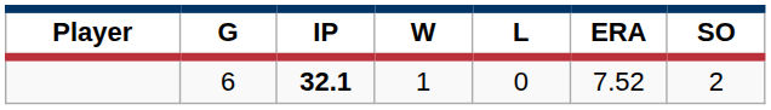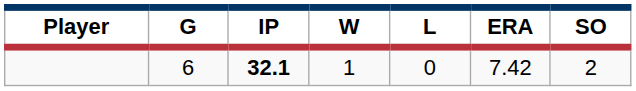 <table class="wikitable sortable">
 <tr>
 <th style="background:#FFFFFF; border-top:#023465 5px solid; border-bottom:#ba313c 5px solid;" width="16%">Player</th>
 <th style="background:#FFFFFF; border-top:#023465 5px solid; border-bottom:#ba313c 5px solid;" width="9%">G</th>
 <th style="background:#FFFFFF; border-top:#023465 5px solid; border-bottom:#ba313c 5px solid;" width="9%">IP</th>
 <th style="background:#FFFFFF; border-top:#023465 5px solid; border-bottom:#ba313c 5px solid;" width="9%">W</th>
 <th style="background:#FFFFFF; border-top:#023465 5px solid; border-bottom:#ba313c 5px solid;" width="9%">L</th>
 <th style="background:#FFFFFF; border-top:#023465 5px solid; border-bottom:#ba313c 5px solid;" width="9%">ERA</th>
 <th style="background:#FFFFFF; border-top:#023465 5px solid; border-bottom:#ba313c 5px solid;" width="9%">SO</th>
 </tr>
 <tr align="center">
 <td></td>
 <td>6</td>
 <td><strong>32.1</strong></td>
 <td>1</td>
 <td>0</td>
-<td>7.52</td>
+<td>7.42</td>
 <td>2</td>
 </tr>
 </table>
